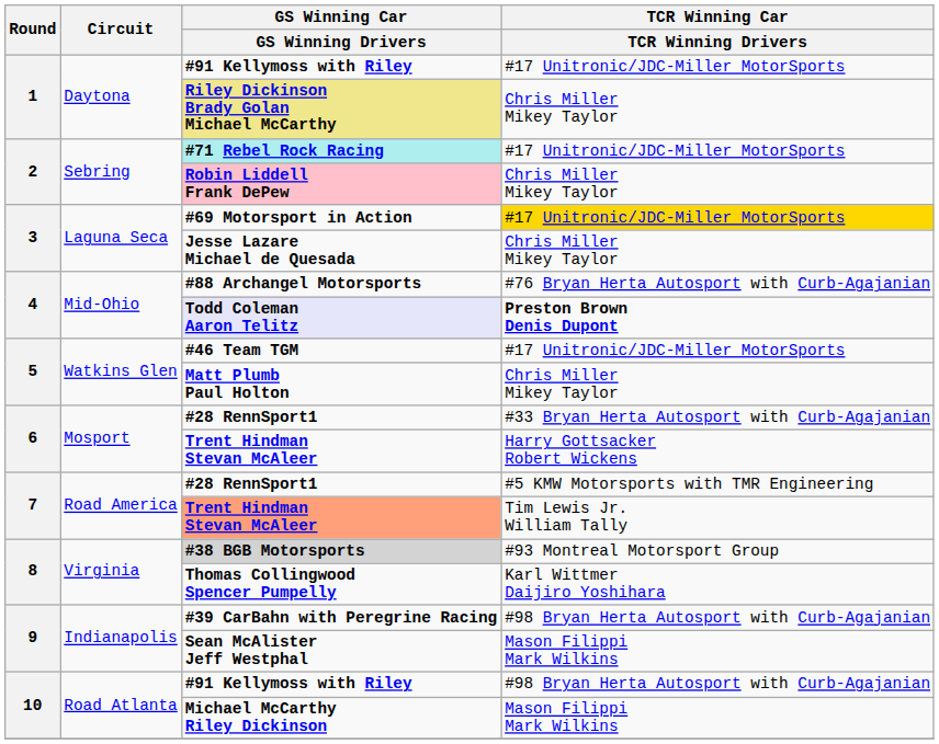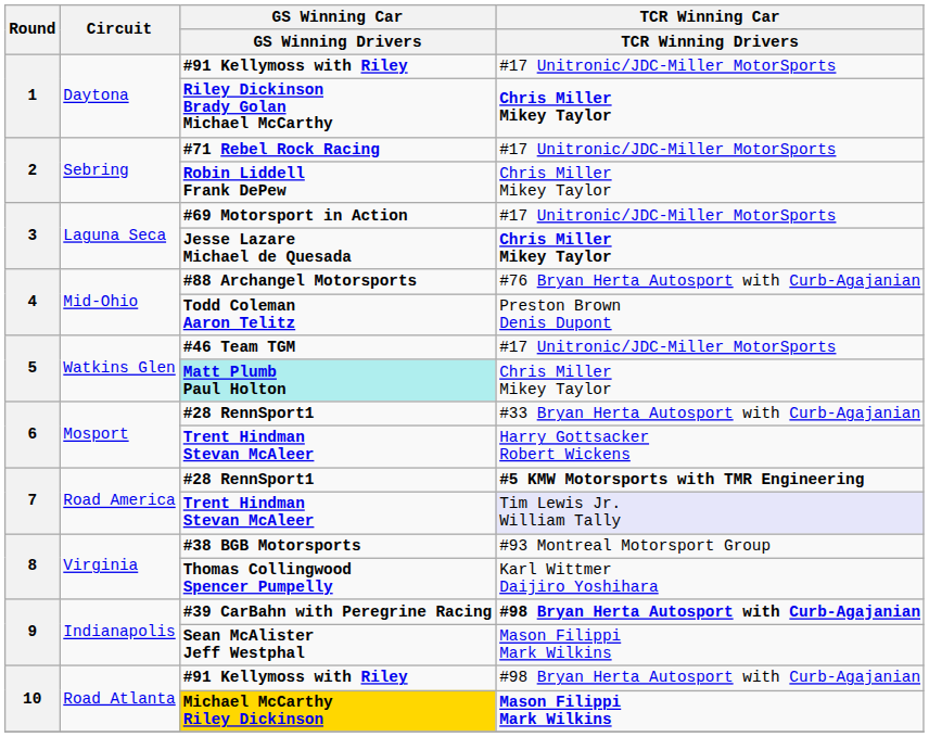 <table class="wikitable" style="font-size:85%;">
 <tr>
 <th rowspan="2">Round</th>
 <th rowspan="2">Circuit</th>
 <th>GS Winning Car</th>
 <th>TCR Winning Car</th>
 </tr>
 <tr>
 <th>GS Winning Drivers</th>
 <th>TCR Winning Drivers</th>
 </tr>
 <tr>
 <th rowspan="2">1</th>
 <td rowspan="2"> <a href='#'>Daytona</a></td>
 <td><strong> #91 Kellymoss with <a href='#'>Riley</a></strong></td>
 <td> #17 <a href='#'>Unitronic/JDC-Miller MotorSports</a></td>
 </tr>
 <tr>
-<td style="background: khaki;"><strong> <a href='#'>Riley Dickinson</a><br> <a href='#'>Brady Golan</a><br> Michael McCarthy</strong></td>
-<td> <a href='#'>Chris Miller</a><br> Mikey Taylor</td>
+<td><strong> <a href='#'>Riley Dickinson</a><br> <a href='#'>Brady Golan</a><br> Michael McCarthy</strong></td>
+<td><strong> <a href='#'>Chris Miller</a><br> Mikey Taylor</strong></td>
 </tr>
 <tr>
 <th rowspan=2>2</th>
 <td rowspan=2> <a href='#'>Sebring</a></td>
-<td style="background: paleturquoise;"><strong> #71 <a href='#'>Rebel Rock Racing</a></strong></td>
+<td><strong> #71 <a href='#'>Rebel Rock Racing</a></strong></td>
 <td> #17 <a href='#'>Unitronic/JDC-Miller MotorSports</a></td>
 </tr>
 <tr>
-<td style="background: pink;"><strong> <a href='#'>Robin Liddell</a><br> Frank DePew</strong></td>
+<td><strong> <a href='#'>Robin Liddell</a><br> Frank DePew</strong></td>
 <td> <a href='#'>Chris Miller</a><br> Mikey Taylor</td>
 </tr>
 <tr>
 <th rowspan=2>3</th>
 <td rowspan=2> <a href='#'>Laguna Seca</a></td>
 <td><strong> #69 Motorsport in Action</strong></td>
-<td style="background: gold;"> #17 <a href='#'>Unitronic/JDC-Miller MotorSports</a></td>
+<td> #17 <a href='#'>Unitronic/JDC-Miller MotorSports</a></td>
 </tr>
 <tr>
 <td><strong> Jesse Lazare<br> Michael de Quesada</strong></td>
-<td> <a href='#'>Chris Miller</a><br> Mikey Taylor</td>
+<td><strong> <a href='#'>Chris Miller</a><br> Mikey Taylor</strong></td>
 </tr>
 <tr>
 <th rowspan=2>4</th>
 <td rowspan=2> <a href='#'>Mid-Ohio</a></td>
 <td><strong> #88 Archangel Motorsports</strong></td>
 <td> #76 <a href='#'>Bryan Herta Autosport</a> with <a href='#'>Curb-Agajanian</a></td>
 </tr>
 <tr>
-<td style="background: lavender;"><strong> Todd Coleman<br> <a href='#'>Aaron Telitz</a></strong></td>
-<td><strong> Preston Brown<br> <a href='#'>Denis Dupont</a></strong></td>
+<td><strong> Todd Coleman<br> <a href='#'>Aaron Telitz</a></strong></td>
+<td> Preston Brown<br> <a href='#'>Denis Dupont</a></td>
 </tr>
 <tr>
 <th rowspan=2>5</th>
 <td rowspan=2> <a href='#'>Watkins Glen</a></td>
 <td><strong> #46 Team TGM</strong></td>
 <td> #17 <a href='#'>Unitronic/JDC-Miller MotorSports</a></td>
 </tr>
 <tr>
-<td><strong> <a href='#'>Matt Plumb</a><br> Paul Holton</strong></td>
+<td style="background: paleturquoise;"><strong> <a href='#'>Matt Plumb</a><br> Paul Holton</strong></td>
 <td> <a href='#'>Chris Miller</a><br> Mikey Taylor</td>
 </tr>
 <tr>
 <th rowspan=2>6</th>
 <td rowspan=2> <a href='#'>Mosport</a></td>
 <td><strong> #28 RennSport1</strong></td>
 <td> #33 <a href='#'>Bryan Herta Autosport</a> with <a href='#'>Curb-Agajanian</a></td>
 </tr>
 <tr>
 <td><strong> <a href='#'>Trent Hindman</a><br> <a href='#'>Stevan McAleer</a></strong></td>
 <td> <a href='#'>Harry Gottsacker</a><br> <a href='#'>Robert Wickens</a></td>
 </tr>
 <tr>
 <th rowspan=2>7</th>
 <td rowspan=2> <a href='#'>Road America</a></td>
 <td><strong> #28 RennSport1</strong></td>
-<td> #5 KMW Motorsports with TMR Engineering</td>
+<td><strong> #5 KMW Motorsports with TMR Engineering</strong></td>
 </tr>
 <tr>
-<td style="background: lightsalmon;"><strong> <a href='#'>Trent Hindman</a><br> <a href='#'>Stevan McAleer</a></strong></td>
-<td> Tim Lewis Jr.<br> William Tally</td>
+<td><strong> <a href='#'>Trent Hindman</a><br> <a href='#'>Stevan McAleer</a></strong></td>
+<td style="background: lavender;"> Tim Lewis Jr.<br> William Tally</td>
 </tr>
 <tr>
 <th rowspan=2>8</th>
 <td rowspan=2> <a href='#'>Virginia</a></td>
-<td style="background: lightgrey;"><strong> #38 BGB Motorsports</strong></td>
+<td><strong> #38 BGB Motorsports</strong></td>
 <td> #93 Montreal Motorsport Group</td>
 </tr>
 <tr>
 <td><strong> Thomas Collingwood<br> <a href='#'>Spencer Pumpelly</a></strong></td>
 <td> Karl Wittmer<br> <a href='#'>Daijiro Yoshihara</a></td>
 </tr>
 <tr>
 <th rowspan=2>9</th>
 <td rowspan=2> <a href='#'>Indianapolis</a></td>
 <td><strong> #39 CarBahn with Peregrine Racing</strong></td>
-<td> #98 <a href='#'>Bryan Herta Autosport</a> with <a href='#'>Curb-Agajanian</a></td>
+<td><strong> #98 <a href='#'>Bryan Herta Autosport</a> with <a href='#'>Curb-Agajanian</a></strong></td>
 </tr>
 <tr>
 <td><strong> Sean McAlister<br> Jeff Westphal</strong></td>
 <td> <a href='#'>Mason Filippi</a><br> <a href='#'>Mark Wilkins</a></td>
 </tr>
 <tr>
 <th rowspan=2>10</th>
 <td rowspan=2> <a href='#'>Road Atlanta</a></td>
 <td><strong> #91 Kellymoss with <a href='#'>Riley</a></strong></td>
 <td> #98 <a href='#'>Bryan Herta Autosport</a> with <a href='#'>Curb-Agajanian</a></td>
 </tr>
 <tr>
-<td><strong> Michael McCarthy<br> <a href='#'>Riley Dickinson</a></strong></td>
-<td> <a href='#'>Mason Filippi</a><br> <a href='#'>Mark Wilkins</a></td>
+<td style="background: gold;"><strong> Michael McCarthy<br> <a href='#'>Riley Dickinson</a></strong></td>
+<td><strong> <a href='#'>Mason Filippi</a><br> <a href='#'>Mark Wilkins</a></strong></td>
 </tr>
 <tr>
 </tr>
 </table>
